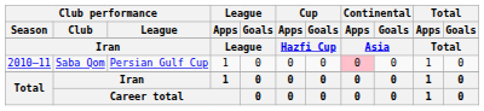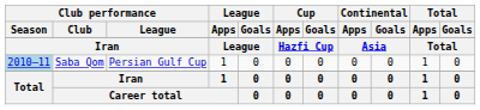 <table class="wikitable" style="text-align:center">
 <tr>
 <th colspan=3>Club performance</th>
 <th colspan=2>League</th>
 <th colspan=2>Cup</th>
 <th colspan=2>Continental</th>
 <th colspan=2>Total</th>
 </tr>
 <tr>
 <th>Season</th>
 <th>Club</th>
 <th>League</th>
 <th>Apps</th>
 <th>Goals</th>
 <th>Apps</th>
 <th>Goals</th>
 <th>Apps</th>
 <th>Goals</th>
 <th>Apps</th>
 <th>Goals</th>
 </tr>
 <tr>
 </tr>
 <tr>
 <th colspan=3>Iran</th>
 <th colspan=2>League</th>
 <th colspan=2><a href='#'>Hazfi Cup</a></th>
 <th colspan=2><a href='#'>Asia</a></th>
 <th colspan=2>Total</th>
 </tr>
 <tr>
-<td><a href='#'>2010–11</a></td>
+<td style="background: lightblue;"><a href='#'>2010–11</a></td>
 <td rowspan="1"><a href='#'>Saba Qom</a></td>
 <td rowspan="1"><a href='#'>Persian Gulf Cup</a></td>
 <td>1</td>
 <td>0</td>
 <td>0</td>
 <td>0</td>
-<td style="background: pink;">0</td>
+<td>0</td>
 <td>0</td>
 <td>1</td>
 <td>0</td>
 </tr>
 <tr>
 </tr>
 <tr>
 <th rowspan=4>Total</th>
 <th colspan=2>Iran</th>
 <th>1</th>
 <th>0</th>
 <th>0</th>
 <th>0</th>
 <th>0</th>
 <th>0</th>
 <th>1</th>
 <th>0</th>
 </tr>
 <tr>
 <th colspan=3>Career total</th>
 <th>0</th>
 <th>0</th>
 <th>0</th>
 <th>0</th>
 <th>0</th>
 <th>1</th>
 <th>0</th>
 </tr>
 </table>
